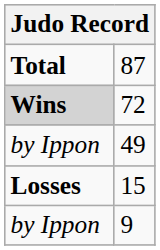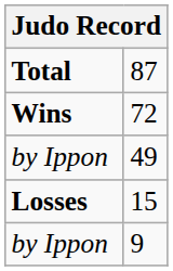 <table class="wikitable">
 <tr>
 <th colspan="2">Judo Record</th>
 </tr>
 <tr>
 <td><strong>Total</strong></td>
 <td>87</td>
 </tr>
 <tr>
-<td style="background: lightgrey;"><strong>Wins</strong></td>
+<td><strong>Wins</strong></td>
 <td>72</td>
 </tr>
 <tr>
 <td><em>by Ippon</em></td>
 <td>49</td>
 </tr>
 <tr>
 <td><strong>Losses</strong></td>
 <td>15</td>
 </tr>
 <tr>
 <td><em>by Ippon</em></td>
 <td>9</td>
 </tr>
 </table>
